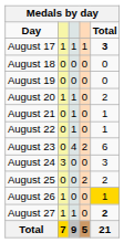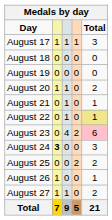 <table class="wikitable" style="font-size:85%; float:right">
 <tr align=center>
 <th colspan=7>Medals by day</th>
 </tr>
 <tr align=center>
 <td><strong>Day</strong></td>
 <td style="background:#f7f6a8;"></td>
 <td style="background:#dce5e5;"></td>
 <td style="background:#ffdab9;"></td>
 <td><strong>Total</strong></td>
 </tr>
 <tr align=center>
 <td>August 17</td>
 <td style="background:#f7f6a8;">1</td>
 <td style="background:#dce5e5;">1</td>
 <td style="background:#ffdab9;">1</td>
-<td><strong>3</strong></td>
+<td>3</td>
 </tr>
 <tr align=center>
 <td>August 18</td>
 <td style="background:#f7f6a8;">0</td>
 <td style="background:#dce5e5;">0</td>
 <td style="background:#ffdab9;">0</td>
 <td>0</td>
 </tr>
 <tr align=center>
 <td>August 19</td>
 <td style="background:#f7f6a8;">0</td>
 <td style="background:#dce5e5;">0</td>
 <td style="background:#ffdab9;">0</td>
 <td>0</td>
 </tr>
 <tr align=center>
 <td>August 20</td>
 <td style="background:#f7f6a8;">1</td>
 <td style="background:#dce5e5;">1</td>
 <td style="background:#ffdab9;">0</td>
 <td>2</td>
 </tr>
 <tr align=center>
 <td>August 21</td>
 <td style="background:#f7f6a8;">0</td>
 <td style="background:#dce5e5;">1</td>
 <td style="background:#ffdab9;">0</td>
 <td>1</td>
 </tr>
 <tr align=center>
 <td>August 22</td>
 <td style="background:#f7f6a8;">0</td>
 <td style="background:#dce5e5;">1</td>
 <td style="background:#ffdab9;">0</td>
-<td>1</td>
+<td style="background: khaki;">1</td>
 </tr>
 <tr align=center>
 <td>August 23</td>
 <td style="background:#f7f6a8;">0</td>
 <td style="background:#dce5e5;">4</td>
 <td style="background:#ffdab9;">2</td>
-<td>6</td>
+<td style="background: pink;">6</td>
 </tr>
 <tr align=center>
 <td>August 24</td>
-<td style="background:#f7f6a8;">3</td>
+<td style="background:#f7f6a8;"><strong>3</strong></td>
 <td style="background:#dce5e5;">0</td>
 <td style="background:#ffdab9;">0</td>
 <td>3</td>
 </tr>
 <tr align=center>
 <td>August 25</td>
 <td style="background:#f7f6a8;">0</td>
 <td style="background:#dce5e5;">0</td>
 <td style="background:#ffdab9;">2</td>
 <td>2</td>
 </tr>
 <tr align=center>
 <td>August 26</td>
 <td style="background:#f7f6a8;">1</td>
 <td style="background:#dce5e5;">0</td>
 <td style="background:#ffdab9;">0</td>
-<td style="background: gold;">1</td>
+<td>1</td>
 </tr>
 <tr align=center>
 <td>August 27</td>
 <td style="background:#f7f6a8;">1</td>
 <td style="background:#dce5e5;">1</td>
 <td style="background:#ffdab9;">0</td>
-<td><strong>2</strong></td>
+<td>2</td>
 </tr>
 <tr align=center>
 <th>Total</th>
 <th style="background:gold;">7</th>
 <th style="background:silver;">9</th>
 <th style="background:#c96;">5</th>
 <th>21</th>
 </tr>
 </table>
